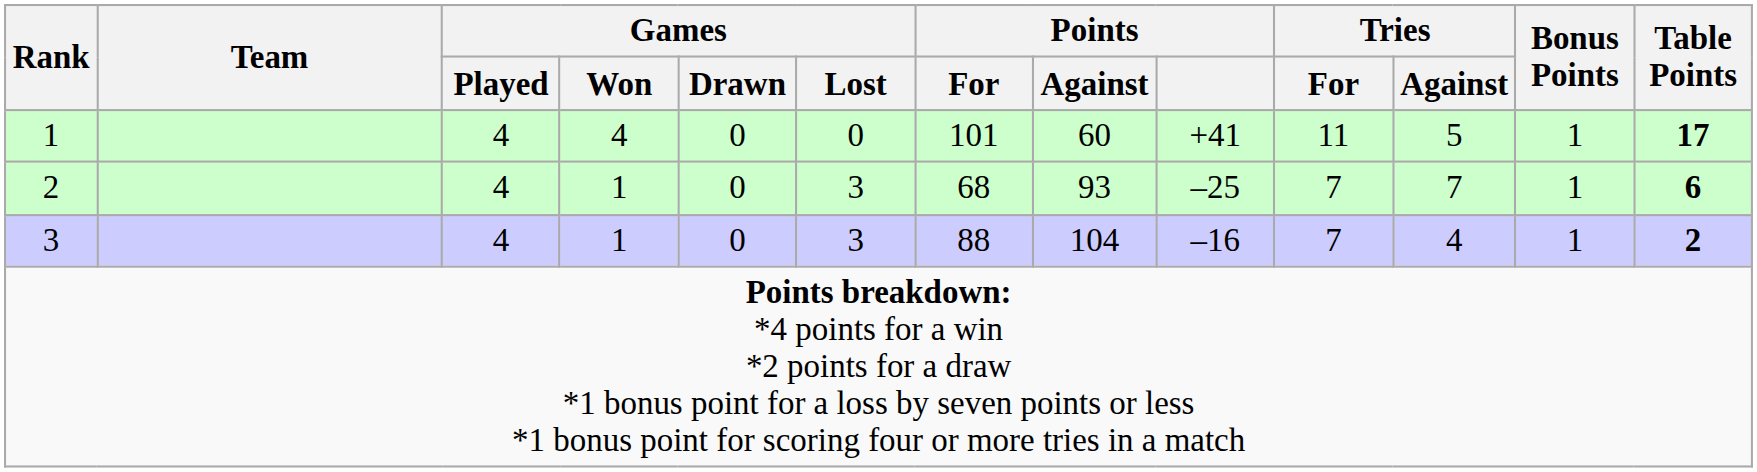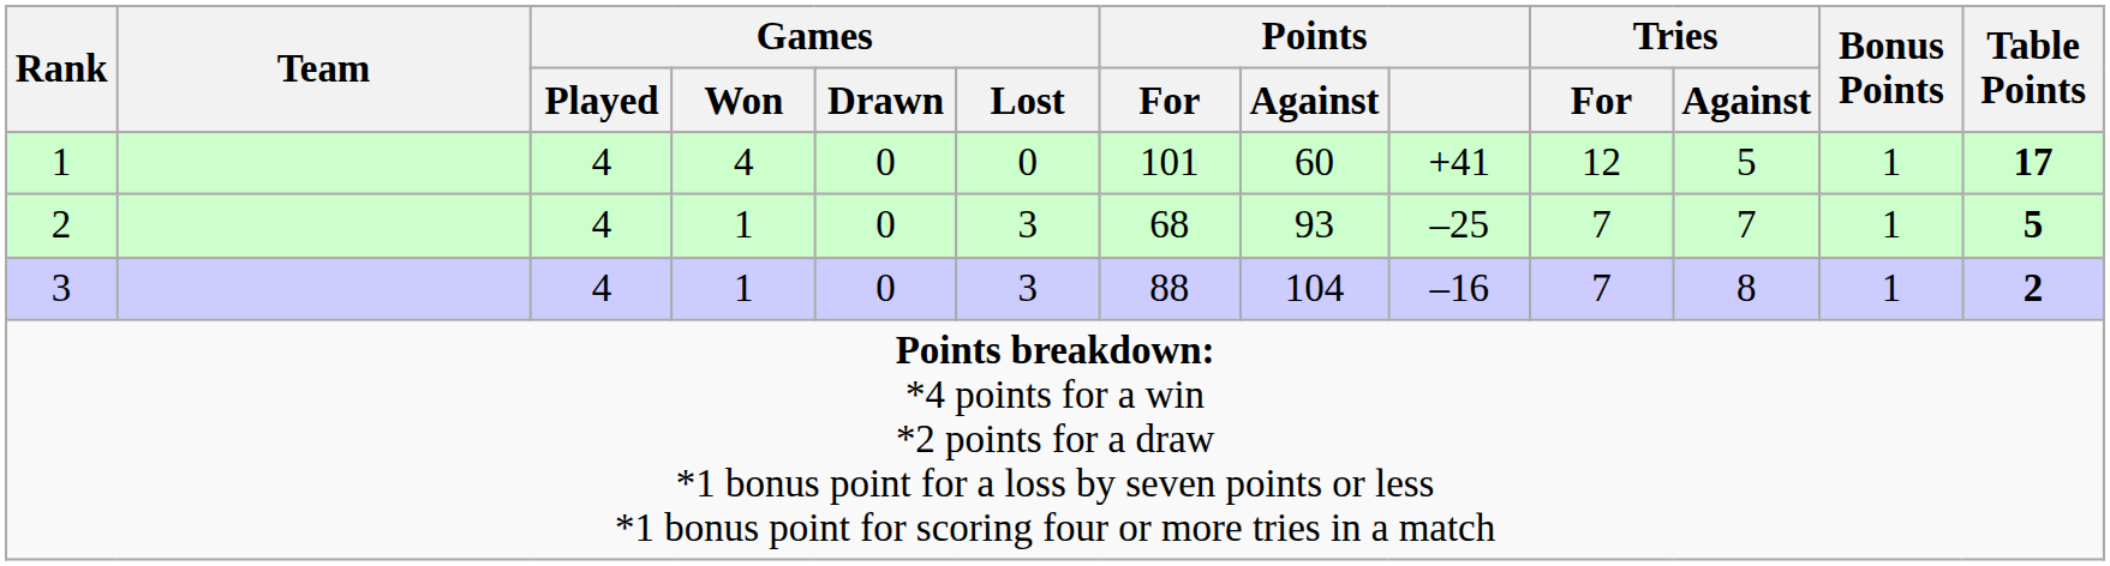 <table class="wikitable"  style="text-align: center;">
 <tr>
 <th rowspan="2" width="20">Rank</th>
 <th rowspan="2" width="160">Team</th>
 <th colspan="4">Games</th>
 <th colspan="3">Points</th>
 <th colspan="2">Tries</th>
 <th rowspan="2" width="50">Bonus<br>Points</th>
 <th rowspan="2" width="50">Table Points</th>
 </tr>
 <tr>
 <th width="50">Played</th>
 <th width="50">Won</th>
 <th width="50">Drawn</th>
 <th width="50">Lost</th>
 <th width="50">For</th>
 <th width="50">Against</th>
 <th width="50"></th>
 <th width="50">For</th>
 <th width="50">Against</th>
 </tr>
 <tr bgcolor="#ccffcc">
 <td>1</td>
 <td align=left></td>
 <td>4</td>
 <td>4</td>
 <td>0</td>
 <td>0</td>
 <td>101</td>
 <td>60</td>
 <td>+41</td>
-<td>11</td>
+<td>12</td>
 <td>5</td>
 <td>1</td>
 <td><strong>17</strong></td>
 </tr>
 <tr bgcolor="#ccffcc">
 <td>2</td>
 <td align=left></td>
 <td>4</td>
 <td>1</td>
 <td>0</td>
 <td>3</td>
 <td>68</td>
 <td>93</td>
 <td>–25</td>
 <td>7</td>
 <td>7</td>
 <td>1</td>
-<td><strong>6</strong></td>
+<td><strong>5</strong></td>
 </tr>
 <tr bgcolor="#ccccff">
 <td>3</td>
 <td align=left></td>
 <td>4</td>
 <td>1</td>
 <td>0</td>
 <td>3</td>
 <td>88</td>
 <td>104</td>
 <td>–16</td>
 <td>7</td>
-<td>4</td>
+<td>8</td>
 <td>1</td>
 <td><strong>2</strong></td>
 </tr>
 <tr>
 <td colspan="100%" style="text-align:center;"><strong>Points breakdown:</strong><br>*4 points for a win<br>*2 points for a draw<br>*1 bonus point for a loss by seven points or less<br>*1 bonus point for scoring four or more tries in a match</td>
 </tr>
 </table>
